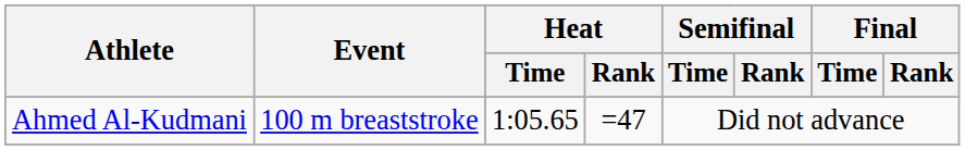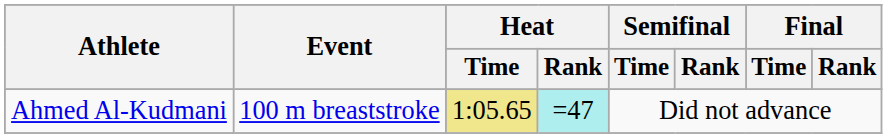 <table class=wikitable style="font-size:90%">
 <tr>
 <th rowspan="2">Athlete</th>
 <th rowspan="2">Event</th>
 <th colspan="2">Heat</th>
 <th colspan="2">Semifinal</th>
 <th colspan="2">Final</th>
 </tr>
 <tr style="font-size:95%">
 <th>Time</th>
 <th>Rank</th>
 <th>Time</th>
 <th>Rank</th>
 <th>Time</th>
 <th>Rank</th>
 </tr>
 <tr align=center>
 <td align=left><a href='#'>Ahmed Al-Kudmani</a></td>
 <td align=left><a href='#'>100 m breaststroke</a></td>
-<td>1:05.65</td>
-<td>=47</td>
+<td style="background: khaki;">1:05.65</td>
+<td style="background: paleturquoise;">=47</td>
 <td colspan=4>Did not advance</td>
 </tr>
 </table>
